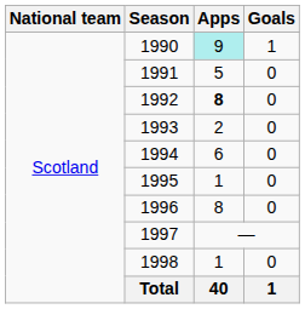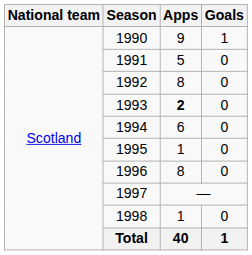 <table class="wikitable" style="text-align: center">
 <tr>
 <th>National team</th>
 <th>Season</th>
 <th>Apps</th>
 <th>Goals</th>
 </tr>
 <tr>
 <td rowspan="10"><a href='#'>Scotland</a></td>
 <td>1990</td>
-<td style="background: paleturquoise;">9</td>
+<td>9</td>
 <td>1</td>
 </tr>
 <tr>
 <td>1991</td>
 <td>5</td>
 <td>0</td>
 </tr>
 <tr>
 <td>1992</td>
-<td><strong>8</strong></td>
+<td>8</td>
 <td>0</td>
 </tr>
 <tr>
 <td>1993</td>
-<td>2</td>
+<td><strong>2</strong></td>
 <td>0</td>
 </tr>
 <tr>
 <td>1994</td>
 <td>6</td>
 <td>0</td>
 </tr>
 <tr>
 <td>1995</td>
 <td>1</td>
 <td>0</td>
 </tr>
 <tr>
 <td>1996</td>
 <td>8</td>
 <td>0</td>
 </tr>
 <tr>
 <td>1997</td>
 <td colspan=2>—</td>
 </tr>
 <tr>
 <td>1998</td>
 <td>1</td>
 <td>0</td>
 </tr>
 <tr>
 <th>Total</th>
 <th>40</th>
 <th>1</th>
 </tr>
 </table>
